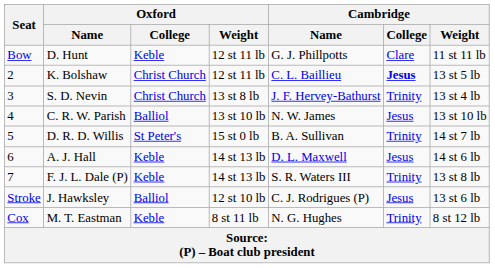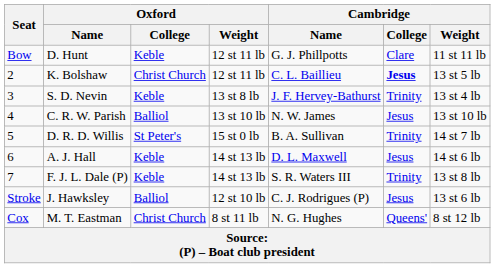 <table class="wikitable">
 <tr>
 <th rowspan="2" scope="col">Seat</th>
 <th colspan="3" scope="col">Oxford <br> </th>
 <th colspan="3" scope="col">Cambridge <br> </th>
 </tr>
 <tr>
 <th>Name</th>
 <th>College</th>
 <th>Weight</th>
 <th>Name</th>
 <th>College</th>
 <th>Weight</th>
 </tr>
 <tr>
 <td><a href='#'>Bow</a></td>
 <td>D. Hunt</td>
 <td><a href='#'>Keble</a></td>
 <td>12 st 11 lb</td>
 <td>G. J. Phillpotts</td>
 <td><a href='#'>Clare</a></td>
 <td>11 st 11 lb</td>
 </tr>
 <tr>
 <td>2</td>
 <td>K. Bolshaw</td>
 <td><a href='#'>Christ Church</a></td>
 <td>12 st 11 lb</td>
 <td><a href='#'>C. L. Baillieu</a></td>
 <td><strong><a href='#'>Jesus</a></strong></td>
 <td>13 st 5 lb</td>
 </tr>
 <tr>
 <td>3</td>
 <td>S. D. Nevin</td>
-<td><a href='#'>Christ Church</a></td>
+<td><a href='#'>Keble</a></td>
 <td>13 st 8 lb</td>
 <td><a href='#'>J. F. Hervey-Bathurst</a></td>
 <td><a href='#'>Trinity</a></td>
 <td>13 st 4 lb</td>
 </tr>
 <tr>
 <td>4</td>
 <td>C. R. W. Parish</td>
 <td><a href='#'>Balliol</a></td>
 <td>13 st 10 lb</td>
 <td>N. W. James</td>
 <td><a href='#'>Jesus</a></td>
 <td>13 st 10 lb</td>
 </tr>
 <tr>
 <td>5</td>
 <td>D. R. D. Willis</td>
 <td><a href='#'>St Peter's</a></td>
 <td>15 st 0 lb</td>
 <td>B. A. Sullivan</td>
 <td><a href='#'>Trinity</a></td>
 <td>14 st 7 lb</td>
 </tr>
 <tr>
 <td>6</td>
 <td>A. J. Hall</td>
 <td><a href='#'>Keble</a></td>
 <td>14 st 13 lb</td>
 <td><a href='#'>D. L. Maxwell</a></td>
 <td><a href='#'>Jesus</a></td>
 <td>14 st 6 lb</td>
 </tr>
 <tr>
 <td>7</td>
 <td>F. J. L. Dale (P)</td>
 <td><a href='#'>Keble</a></td>
 <td>14 st 13 lb</td>
 <td>S. R. Waters III</td>
 <td><a href='#'>Trinity</a></td>
 <td>13 st 8 lb</td>
 </tr>
 <tr>
 <td><a href='#'>Stroke</a></td>
 <td>J. Hawksley</td>
 <td><a href='#'>Balliol</a></td>
 <td>12 st 10 lb</td>
 <td>C. J. Rodrigues (P)</td>
 <td><a href='#'>Jesus</a></td>
 <td>13 st 6 lb</td>
 </tr>
 <tr>
 <td><a href='#'>Cox</a></td>
 <td>M. T. Eastman</td>
-<td><a href='#'>Keble</a></td>
+<td><a href='#'>Christ Church</a></td>
 <td>8 st 11 lb</td>
 <td>N. G. Hughes</td>
-<td><a href='#'>Trinity</a></td>
+<td><a href='#'>Queens'</a></td>
 <td>8 st 12 lb</td>
 </tr>
 <tr>
 <th colspan="7">Source:<br>(P) – Boat club president</th>
 </tr>
 </table>
